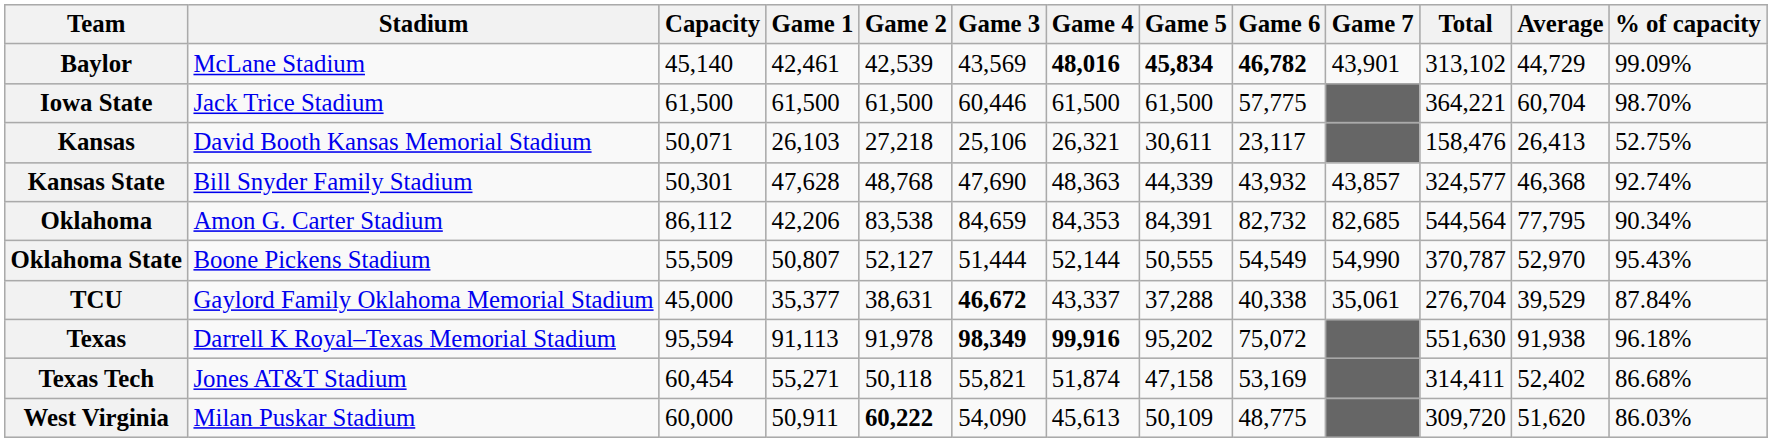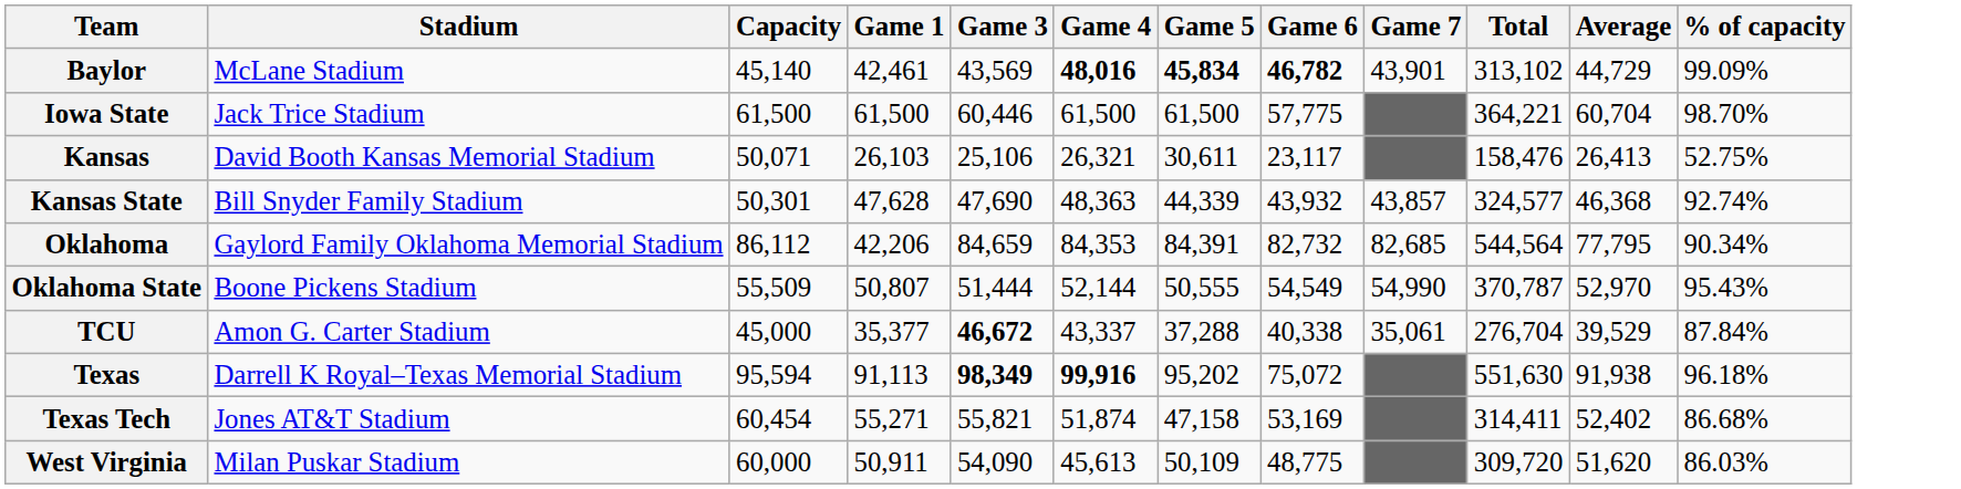 <table class="wikitable sortable">
 <tr>
 <th>Team</th>
 <th>Stadium</th>
 <th>Capacity</th>
 <th>Game 1</th>
-<th>Game 2</th>
 <th>Game 3</th>
 <th>Game 4</th>
 <th>Game 5</th>
 <th>Game 6</th>
 <th>Game 7</th>
 <th>Total</th>
 <th>Average</th>
 <th>% of capacity</th>
 </tr>
 <tr>
 <th>Baylor</th>
 <td><a href='#'>McLane Stadium</a></td>
 <td>45,140</td>
 <td>42,461</td>
-<td>42,539</td>
 <td>43,569</td>
 <td><strong>48,016</strong></td>
 <td><strong>45,834</strong></td>
 <td><strong>46,782</strong></td>
 <td>43,901</td>
 <td>313,102</td>
 <td>44,729</td>
 <td>99.09%</td>
 </tr>
 <tr>
 <th>Iowa State</th>
 <td><a href='#'>Jack Trice Stadium</a></td>
-<td>61,500</td>
 <td>61,500</td>
 <td>61,500</td>
 <td>60,446</td>
 <td>61,500</td>
 <td>61,500</td>
 <td>57,775</td>
 <td style="background:#666666;"></td>
 <td>364,221</td>
 <td>60,704</td>
 <td>98.70%</td>
 </tr>
 <tr>
 <th>Kansas</th>
 <td><a href='#'>David Booth Kansas Memorial Stadium</a></td>
 <td>50,071</td>
 <td>26,103</td>
-<td>27,218</td>
 <td>25,106</td>
 <td>26,321</td>
 <td>30,611</td>
 <td>23,117</td>
 <td style="background:#666666;"></td>
 <td>158,476</td>
 <td>26,413</td>
 <td>52.75%</td>
 </tr>
 <tr>
 <th>Kansas State</th>
 <td><a href='#'>Bill Snyder Family Stadium</a></td>
 <td>50,301</td>
 <td>47,628</td>
-<td>48,768</td>
 <td>47,690</td>
 <td>48,363</td>
 <td>44,339</td>
 <td>43,932</td>
 <td>43,857</td>
 <td>324,577</td>
 <td>46,368</td>
 <td>92.74%</td>
 </tr>
 <tr>
 <th>Oklahoma</th>
-<td><a href='#'>Amon G. Carter Stadium</a></td>
+<td><a href='#'>Gaylord Family Oklahoma Memorial Stadium</a></td>
 <td>86,112</td>
 <td>42,206</td>
-<td>83,538</td>
 <td>84,659</td>
 <td>84,353</td>
 <td>84,391</td>
 <td>82,732</td>
 <td>82,685</td>
 <td>544,564</td>
 <td>77,795</td>
 <td>90.34%</td>
 </tr>
 <tr>
 <th>Oklahoma State</th>
 <td><a href='#'>Boone Pickens Stadium</a></td>
 <td>55,509</td>
 <td>50,807</td>
-<td>52,127</td>
 <td>51,444</td>
 <td>52,144</td>
 <td>50,555</td>
 <td>54,549</td>
 <td>54,990</td>
 <td>370,787</td>
 <td>52,970</td>
 <td>95.43%</td>
 </tr>
 <tr>
 <th>TCU</th>
-<td><a href='#'>Gaylord Family Oklahoma Memorial Stadium</a></td>
+<td><a href='#'>Amon G. Carter Stadium</a></td>
 <td>45,000</td>
 <td>35,377</td>
-<td>38,631</td>
 <td><strong>46,672</strong></td>
 <td>43,337</td>
 <td>37,288</td>
 <td>40,338</td>
 <td>35,061</td>
 <td>276,704</td>
 <td>39,529</td>
 <td>87.84%</td>
 </tr>
 <tr>
 <th>Texas</th>
 <td><a href='#'>Darrell K Royal–Texas Memorial Stadium</a></td>
 <td>95,594</td>
 <td>91,113</td>
-<td>91,978</td>
 <td><strong>98,349</strong></td>
 <td><strong>99,916</strong></td>
 <td>95,202</td>
 <td>75,072</td>
 <td style="background:#666666;"></td>
 <td>551,630</td>
 <td>91,938</td>
 <td>96.18%</td>
 </tr>
 <tr>
 <th>Texas Tech</th>
 <td><a href='#'>Jones AT&T Stadium</a></td>
 <td>60,454</td>
 <td>55,271</td>
-<td>50,118</td>
 <td>55,821</td>
 <td>51,874</td>
 <td>47,158</td>
 <td>53,169</td>
 <td style="background:#666666;"></td>
 <td>314,411</td>
 <td>52,402</td>
 <td>86.68%</td>
 </tr>
 <tr>
 <th>West Virginia</th>
 <td><a href='#'>Milan Puskar Stadium</a></td>
 <td>60,000</td>
 <td>50,911</td>
-<td><strong>60,222</strong></td>
 <td>54,090</td>
 <td>45,613</td>
 <td>50,109</td>
 <td>48,775</td>
 <td style="background:#666666;"></td>
 <td>309,720</td>
 <td>51,620</td>
 <td>86.03%</td>
 </tr>
 </table>
